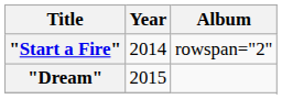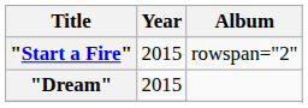 <table class="wikitable plainrowheaders" style="text-align:center;">
 <tr>
 <th scope="col" rowspan="1">Title</th>
 <th scope="col" rowspan="1">Year</th>
 <th scope="col" rowspan="1">Album</th>
 </tr>
 <tr>
 <th scope="row">"<a href='#'>Start a Fire</a>"</th>
-<td rowspan="1">2014</td>
+<td rowspan="1">2015</td>
 <td>rowspan="2" </td>
 </tr>
 <tr>
 <th scope="row">"Dream"</th>
 <td rowspan="1">2015</td>
 </tr>
 <tr>
 </tr>
 </table>
